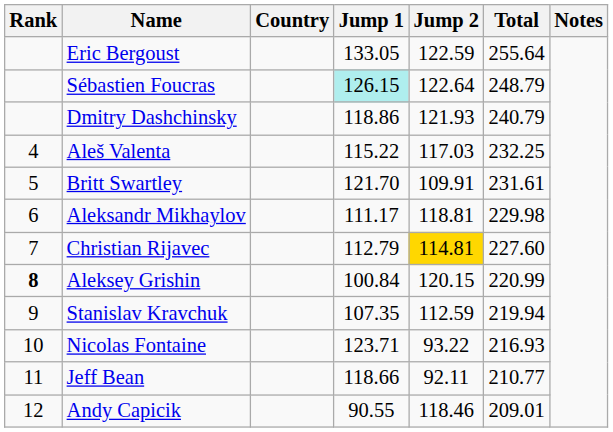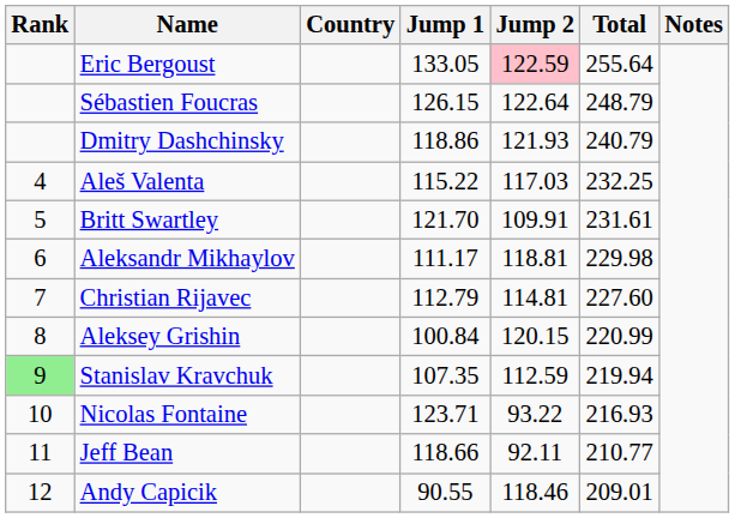 <table class="wikitable sortable" style="text-align:center">
 <tr>
 <th>Rank</th>
 <th>Name</th>
 <th>Country</th>
 <th>Jump 1</th>
 <th>Jump 2</th>
 <th>Total</th>
 <th>Notes</th>
 </tr>
 <tr>
 <td></td>
 <td align=left><a href='#'>Eric Bergoust</a></td>
 <td align=left></td>
 <td>133.05</td>
-<td>122.59</td>
+<td style="background: pink;">122.59</td>
 <td>255.64</td>
 </tr>
 <tr>
 <td></td>
 <td align=left><a href='#'>Sébastien Foucras</a></td>
 <td align=left></td>
-<td style="background: paleturquoise;">126.15</td>
+<td>126.15</td>
 <td>122.64</td>
 <td>248.79</td>
 </tr>
 <tr>
 <td></td>
 <td align=left><a href='#'>Dmitry Dashchinsky</a></td>
 <td align=left></td>
 <td>118.86</td>
 <td>121.93</td>
 <td>240.79</td>
 </tr>
 <tr>
 <td>4</td>
 <td align=left><a href='#'>Aleš Valenta</a></td>
 <td align=left></td>
 <td>115.22</td>
 <td>117.03</td>
 <td>232.25</td>
 </tr>
 <tr>
 <td>5</td>
 <td align=left><a href='#'>Britt Swartley</a></td>
 <td align=left></td>
 <td>121.70</td>
 <td>109.91</td>
 <td>231.61</td>
 </tr>
 <tr>
 <td>6</td>
 <td align=left><a href='#'>Aleksandr Mikhaylov</a></td>
 <td align=left></td>
 <td>111.17</td>
 <td>118.81</td>
 <td>229.98</td>
 </tr>
 <tr>
 <td>7</td>
 <td align=left><a href='#'>Christian Rijavec</a></td>
 <td align=left></td>
 <td>112.79</td>
-<td style="background: gold;">114.81</td>
+<td>114.81</td>
 <td>227.60</td>
 </tr>
 <tr>
-<td><strong>8</strong></td>
+<td>8</td>
 <td align=left><a href='#'>Aleksey Grishin</a></td>
 <td align=left></td>
 <td>100.84</td>
 <td>120.15</td>
 <td>220.99</td>
 </tr>
 <tr>
-<td>9</td>
+<td style="background: lightgreen;">9</td>
 <td align=left><a href='#'>Stanislav Kravchuk</a></td>
 <td align=left></td>
 <td>107.35</td>
 <td>112.59</td>
 <td>219.94</td>
 </tr>
 <tr>
 <td>10</td>
 <td align=left><a href='#'>Nicolas Fontaine</a></td>
 <td align=left></td>
 <td>123.71</td>
 <td>93.22</td>
 <td>216.93</td>
 </tr>
 <tr>
 <td>11</td>
 <td align=left><a href='#'>Jeff Bean</a></td>
 <td align=left></td>
 <td>118.66</td>
 <td>92.11</td>
 <td>210.77</td>
 </tr>
 <tr>
 <td>12</td>
 <td align=left><a href='#'>Andy Capicik</a></td>
 <td align=left></td>
 <td>90.55</td>
 <td>118.46</td>
 <td>209.01</td>
 </tr>
 </table>
